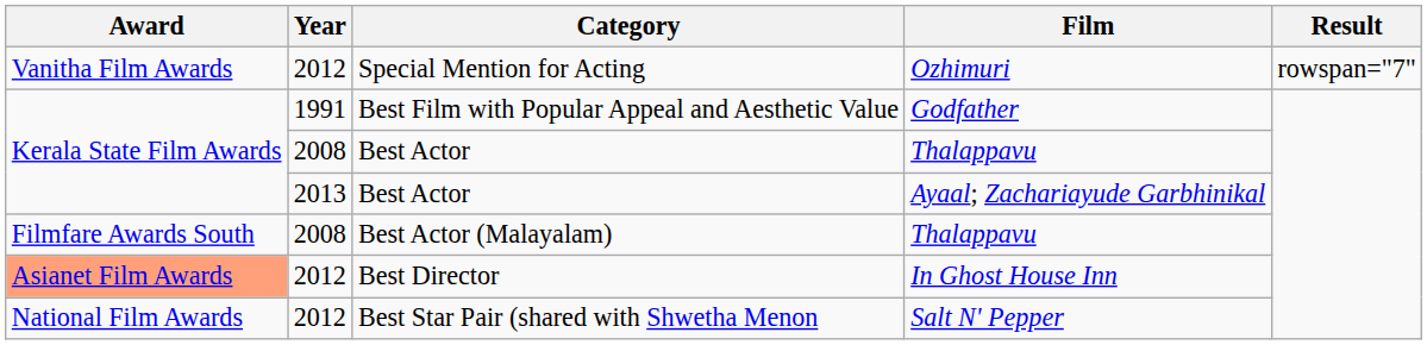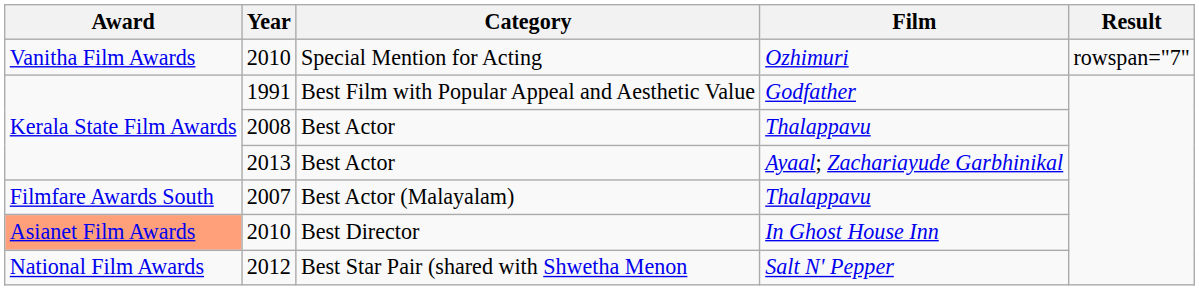 <table class="wikitable sortable">
 <tr>
 <th scope="col">Award</th>
 <th scope="col">Year</th>
 <th scope="col">Category</th>
 <th scope="col">Film</th>
 <th scope="col">Result</th>
 </tr>
 <tr>
 <td><a href='#'>Vanitha Film Awards</a></td>
-<td>2012</td>
+<td>2010</td>
 <td>Special Mention for Acting</td>
 <td><em><a href='#'>Ozhimuri</a></em></td>
 <td>rowspan="7" </td>
 </tr>
 <tr>
 <td rowspan="3"><a href='#'>Kerala State Film Awards</a></td>
 <td>1991</td>
 <td>Best Film with Popular Appeal and Aesthetic Value</td>
 <td><em><a href='#'>Godfather</a></em></td>
 </tr>
 <tr>
 <td>2008</td>
 <td>Best Actor</td>
 <td><em><a href='#'>Thalappavu</a></em></td>
 </tr>
 <tr>
 <td>2013</td>
 <td>Best Actor</td>
 <td><em><a href='#'>Ayaal</a></em>; <em><a href='#'>Zachariayude Garbhinikal</a></em></td>
 </tr>
 <tr>
 <td><a href='#'>Filmfare Awards South</a></td>
-<td>2008</td>
+<td>2007</td>
 <td>Best Actor (Malayalam)</td>
 <td><em><a href='#'>Thalappavu</a></em></td>
 </tr>
 <tr>
 <td style="background: lightsalmon;"><a href='#'>Asianet Film Awards</a></td>
-<td>2012</td>
+<td>2010</td>
 <td>Best Director</td>
 <td><em><a href='#'>In Ghost House Inn</a></em></td>
 </tr>
 <tr>
 <td><a href='#'>National Film Awards</a></td>
 <td>2012</td>
 <td>Best Star Pair (shared with <a href='#'>Shwetha Menon</a></td>
 <td><em><a href='#'>Salt N' Pepper</a></em></td>
 </tr>
 </table>
